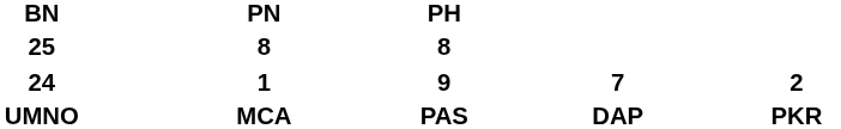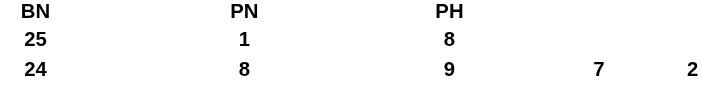 <table style="width:40em;">
 <tr style="text-align:center;">
 <td style="color:"><strong>BN</strong></td>
 <td style="color:"><strong>PN</strong></td>
 <td style="color:"><strong>PH</strong></td>
 </tr>
 <tr style="text-align:center;">
 <td style="background:"><strong>25</strong></td>
-<td style="background:"><strong>8</strong></td>
+<td style="background:"><strong>1</strong></td>
 <td style="background:"><strong>8</strong></td>
 </tr>
 <tr>
 </tr>
 <tr style="text-align:center;">
 <td style="background:"><strong>24</strong></td>
-<td style="background:"><strong>1</strong></td>
+<td style="background:"><strong>8</strong></td>
 <td style="background:"><strong>9</strong></td>
 <td style="background:"><strong>7</strong></td>
 <td style="background:"><strong>2</strong></td>
 </tr>
-<tr style="text-align:center;">
-<td style="color:"><strong>UMNO</strong></td>
-<td style="color:"><strong>MCA</strong></td>
-<td style="color:"><strong>PAS</strong></td>
-<td style="color:"><strong>DAP</strong></td>
-<td style="color:"><strong>PKR</strong></td>
-</tr>
 </table>
